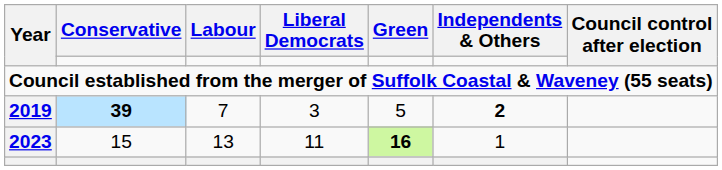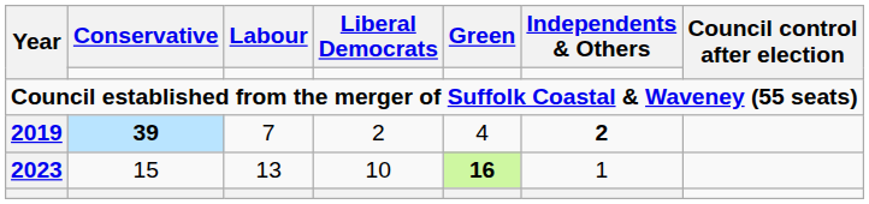 <table class="wikitable plainrowheaders" style="text-align:center">
 <tr>
 <th scope="col" rowspan="2">Year</th>
 <th scope="col"><a href='#'>Conservative</a></th>
 <th scope="col"><a href='#'>Labour</a></th>
 <th scope="col" style="width:1px"><a href='#'>Liberal Democrats</a></th>
 <th scope="col"><a href='#'>Green</a></th>
 <th scope="col"><a href='#'>Independents</a><br>& Others</th>
 <th scope="col" rowspan="2" colspan="2">Council control<br>after election</th>
 </tr>
 <tr>
 <td style="background:"></td>
 <td style="background:"></td>
 <td style="background:"></td>
 <td style="background:"></td>
 <td style="background:"></td>
 </tr>
 <tr>
 <td colspan="9"><strong>Council established from the merger of <a href='#'>Suffolk Coastal</a> & <a href='#'>Waveney</a> (55 seats)</strong></td>
 </tr>
 <tr>
 <th scope="row"><a href='#'>2019</a></th>
 <td style="background:#B9E4FF;"><strong>39</strong></td>
 <td>7</td>
-<td>3</td>
-<td>5</td>
+<td>2</td>
+<td>4</td>
 <td><strong>2</strong></td>
 <td></td>
 </tr>
 <tr>
 <th scope="row"><a href='#'>2023</a></th>
 <td>15</td>
 <td>13</td>
-<td>11</td>
+<td>10</td>
 <td style="background:#CEF7A1"><strong>16</strong></td>
 <td>1</td>
 <td></td>
 </tr>
 <tr>
 <th></th>
 <th style="background-color: "></th>
 <th style="background-color: "></th>
 <th style="background-color: "></th>
 <th style="background-color: "></th>
 <th style="background-color: "></th>
 </tr>
 </table>
